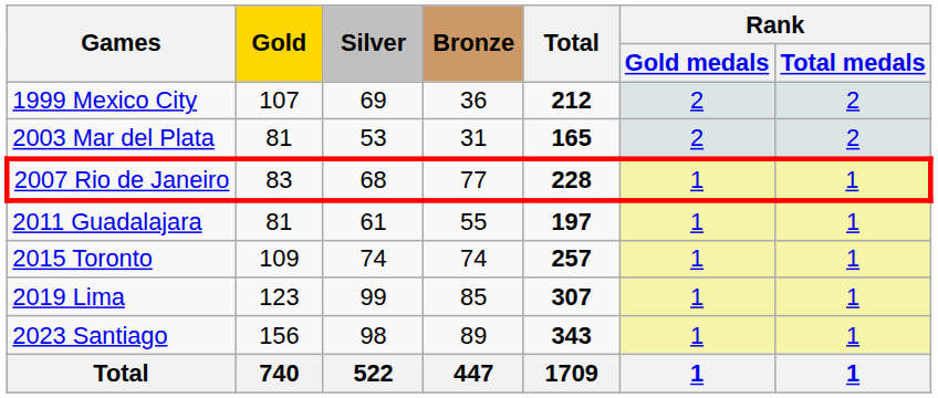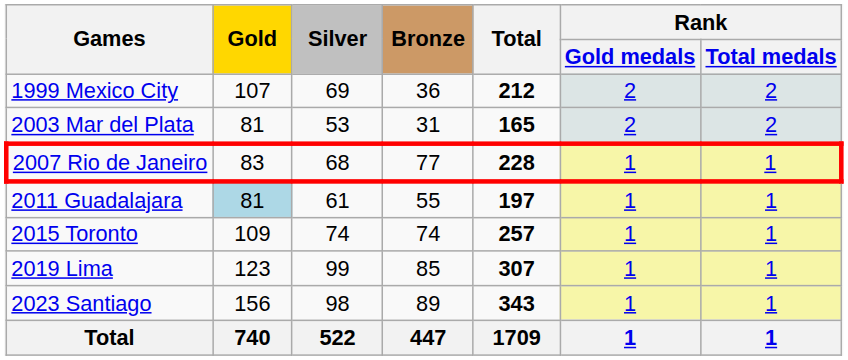 <table class="wikitable" style="text-align:center; font-size:90%;">
 <tr>
 <th rowspan="2">Games</th>
 <td rowspan="2" style="background:gold; width:3.2em; font-weight:bold;">Gold</td>
 <td rowspan="2" style="background:silver; width:3.7em; font-weight:bold;">Silver</td>
 <td rowspan="2" style="background:#c96; width:3.7em; font-weight:bold;">Bronze</td>
 <th rowspan="2" style="width:3.5em; font-weight:bold;">Total</th>
 <th colspan="2" style="width:4em; font-weight:bold;">Rank</th>
 </tr>
 <tr>
 <th><a href='#'>Gold medals</a></th>
 <th><a href='#'>Total medals</a></th>
 </tr>
 <tr>
 <td align=left> <a href='#'>1999 Mexico City</a></td>
 <td>107</td>
 <td>69</td>
 <td>36</td>
 <td><strong>212</strong></td>
 <td style="background:#dce5e5;"><a href='#'>2</a></td>
 <td style="background:#dce5e5;"><a href='#'>2</a></td>
 </tr>
 <tr>
 <td align=left> <a href='#'>2003 Mar del Plata</a></td>
 <td>81</td>
 <td>53</td>
 <td>31</td>
 <td><strong>165</strong></td>
 <td style="background:#dce5e5;"><a href='#'>2</a></td>
 <td style="background:#dce5e5;"><a href='#'>2</a></td>
 </tr>
 <tr style="border: 3px solid red">
 <td align=left> <a href='#'>2007 Rio de Janeiro</a></td>
 <td>83</td>
 <td>68</td>
 <td>77</td>
 <td><strong>228</strong></td>
 <td style="background:#f7f6a8;"><a href='#'>1</a></td>
 <td style="background:#f7f6a8;"><a href='#'>1</a></td>
 </tr>
 <tr>
 <td align=left> <a href='#'>2011 Guadalajara</a></td>
-<td>81</td>
+<td style="background: lightblue;">81</td>
 <td>61</td>
 <td>55</td>
 <td><strong>197</strong></td>
 <td style="background:#f7f6a8;"><a href='#'>1</a></td>
 <td style="background:#f7f6a8;"><a href='#'>1</a></td>
 </tr>
 <tr>
 <td align=left> <a href='#'>2015 Toronto</a></td>
 <td>109</td>
 <td>74</td>
 <td>74</td>
 <td><strong>257</strong></td>
 <td style="background:#f7f6a8;"><a href='#'>1</a></td>
 <td style="background:#f7f6a8;"><a href='#'>1</a></td>
 </tr>
 <tr>
 <td align=left> <a href='#'>2019 Lima</a></td>
 <td>123</td>
 <td>99</td>
 <td>85</td>
 <td><strong>307</strong></td>
 <td style="background:#f7f6a8;"><a href='#'>1</a></td>
 <td style="background:#f7f6a8;"><a href='#'>1</a></td>
 </tr>
 <tr>
 <td align=left> <a href='#'>2023 Santiago</a></td>
 <td>156</td>
 <td>98</td>
 <td>89</td>
 <td><strong>343</strong></td>
 <td style="background:#f7f6a8;"><a href='#'>1</a></td>
 <td style="background:#f7f6a8;"><a href='#'>1</a></td>
 </tr>
 <tr>
 <th>Total</th>
 <th>740</th>
 <th>522</th>
 <th>447</th>
 <th>1709</th>
 <th><a href='#'>1</a></th>
 <th><a href='#'>1</a></th>
 </tr>
 </table>
